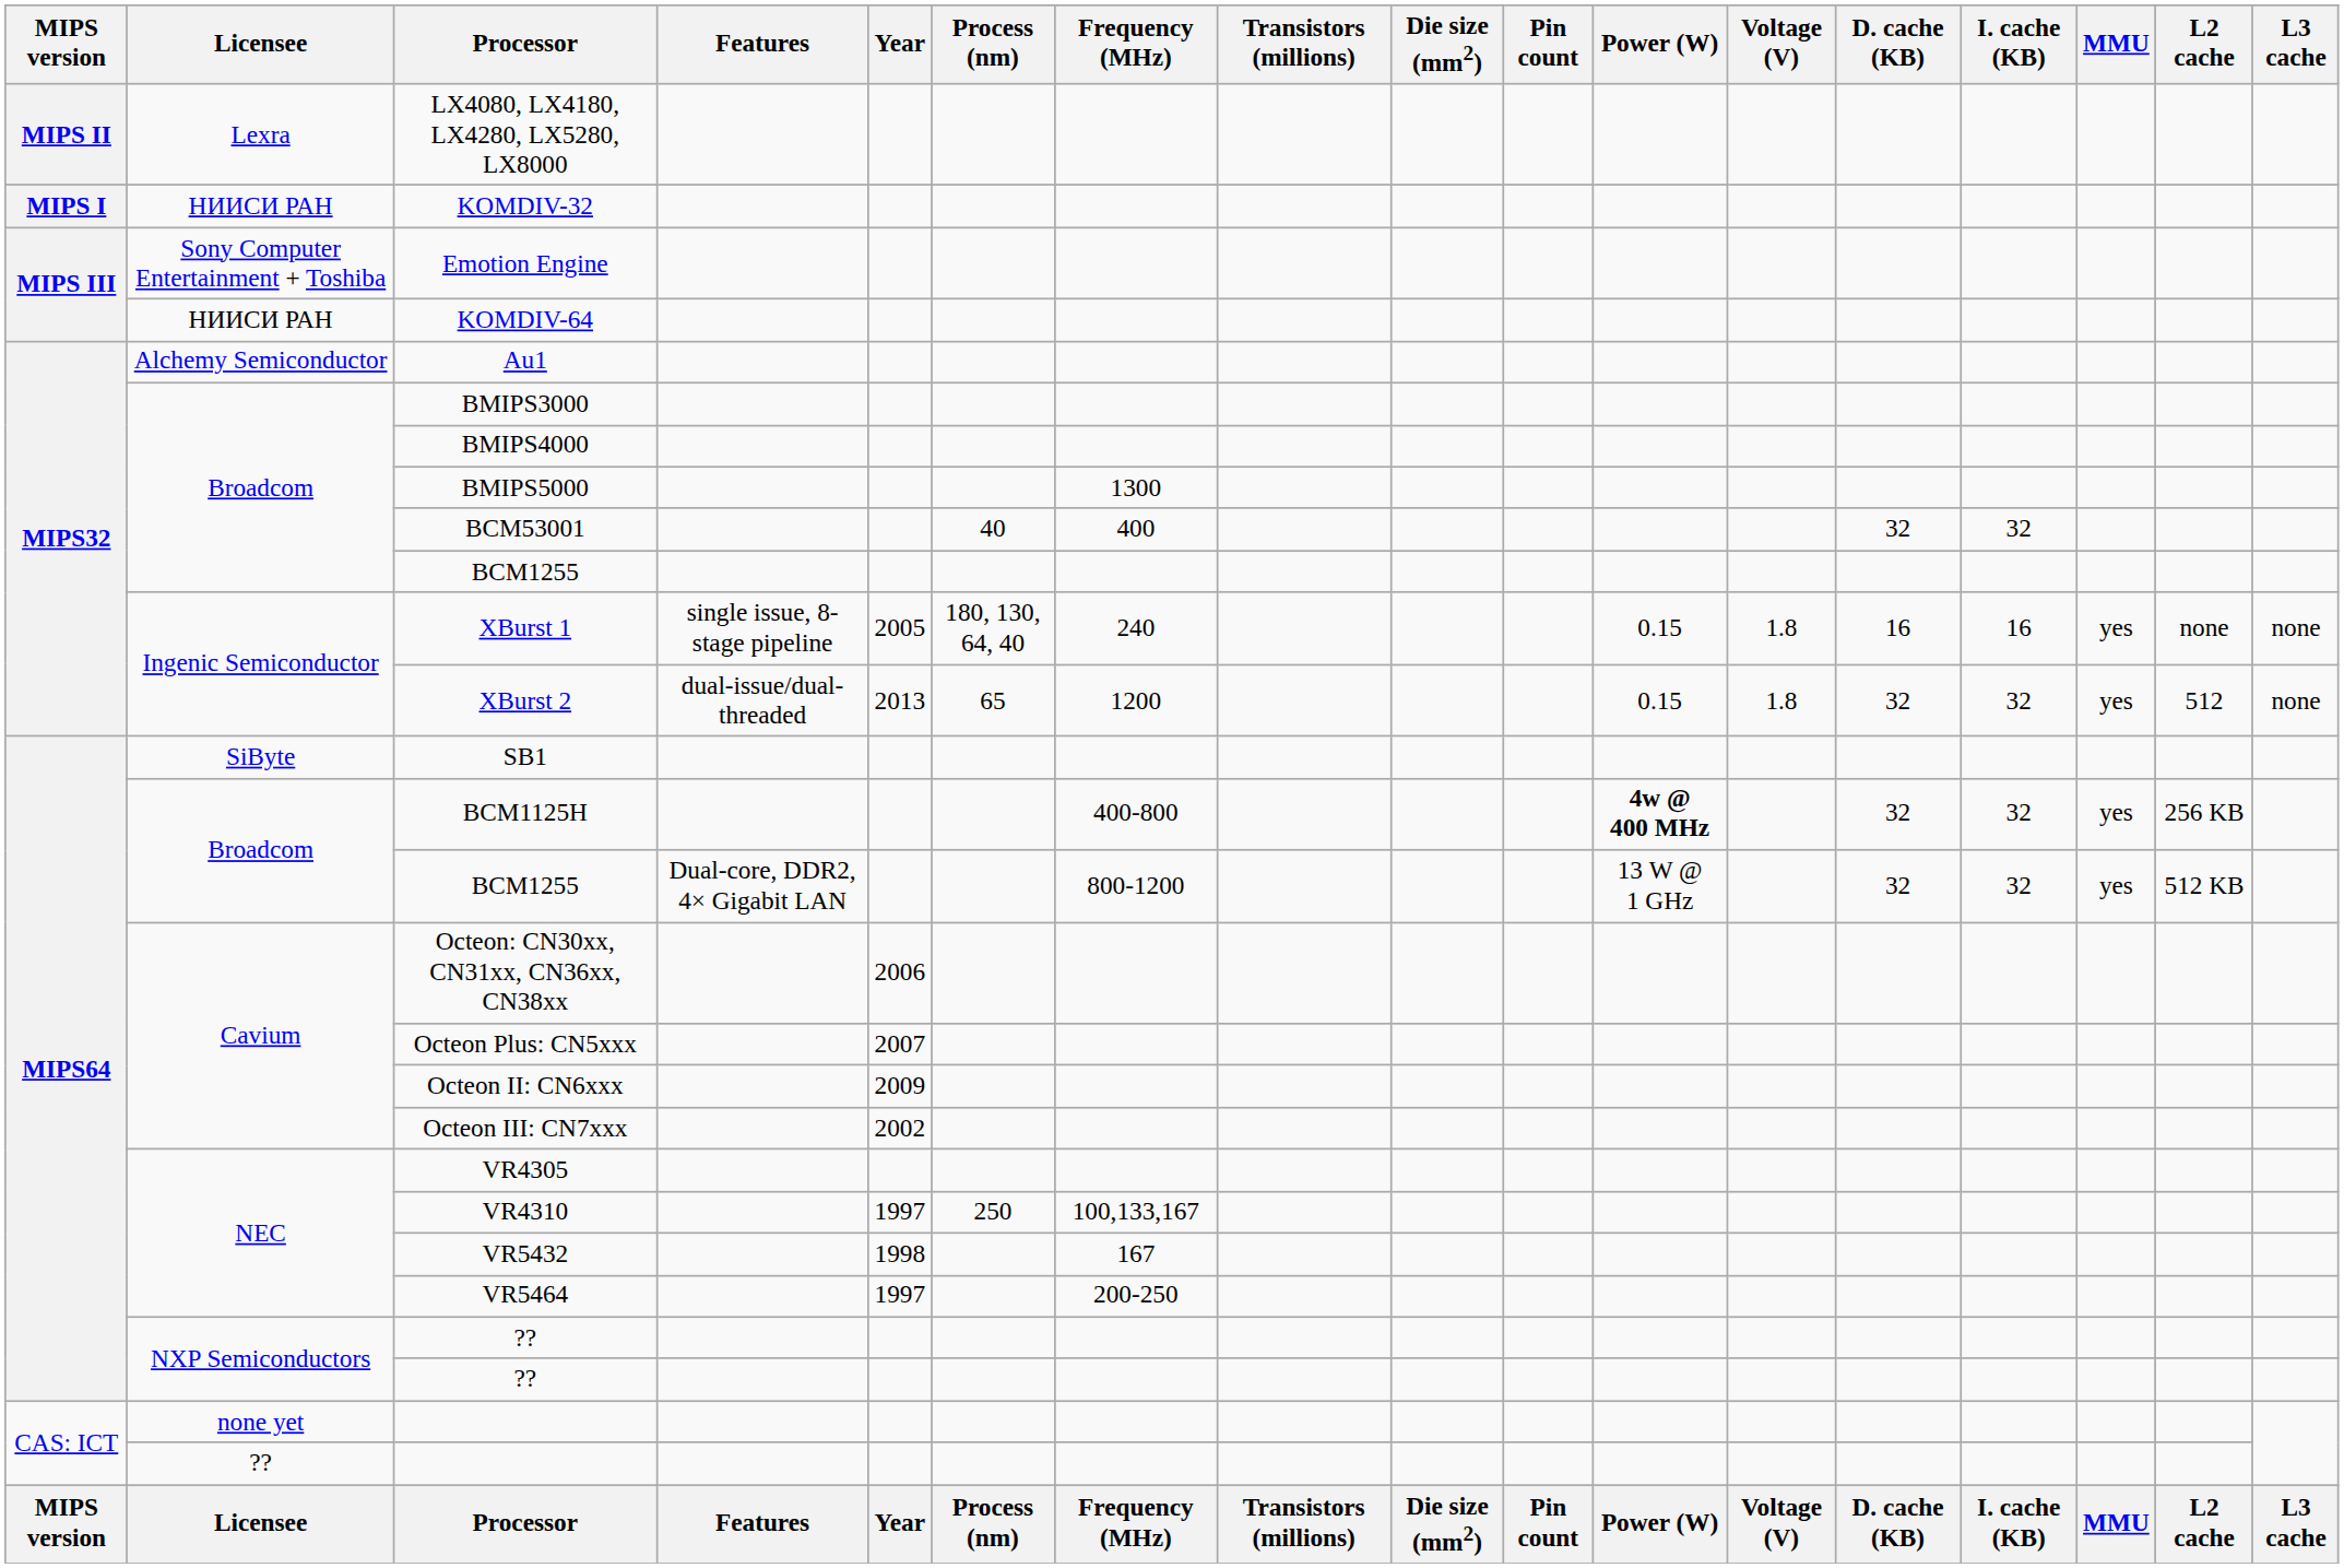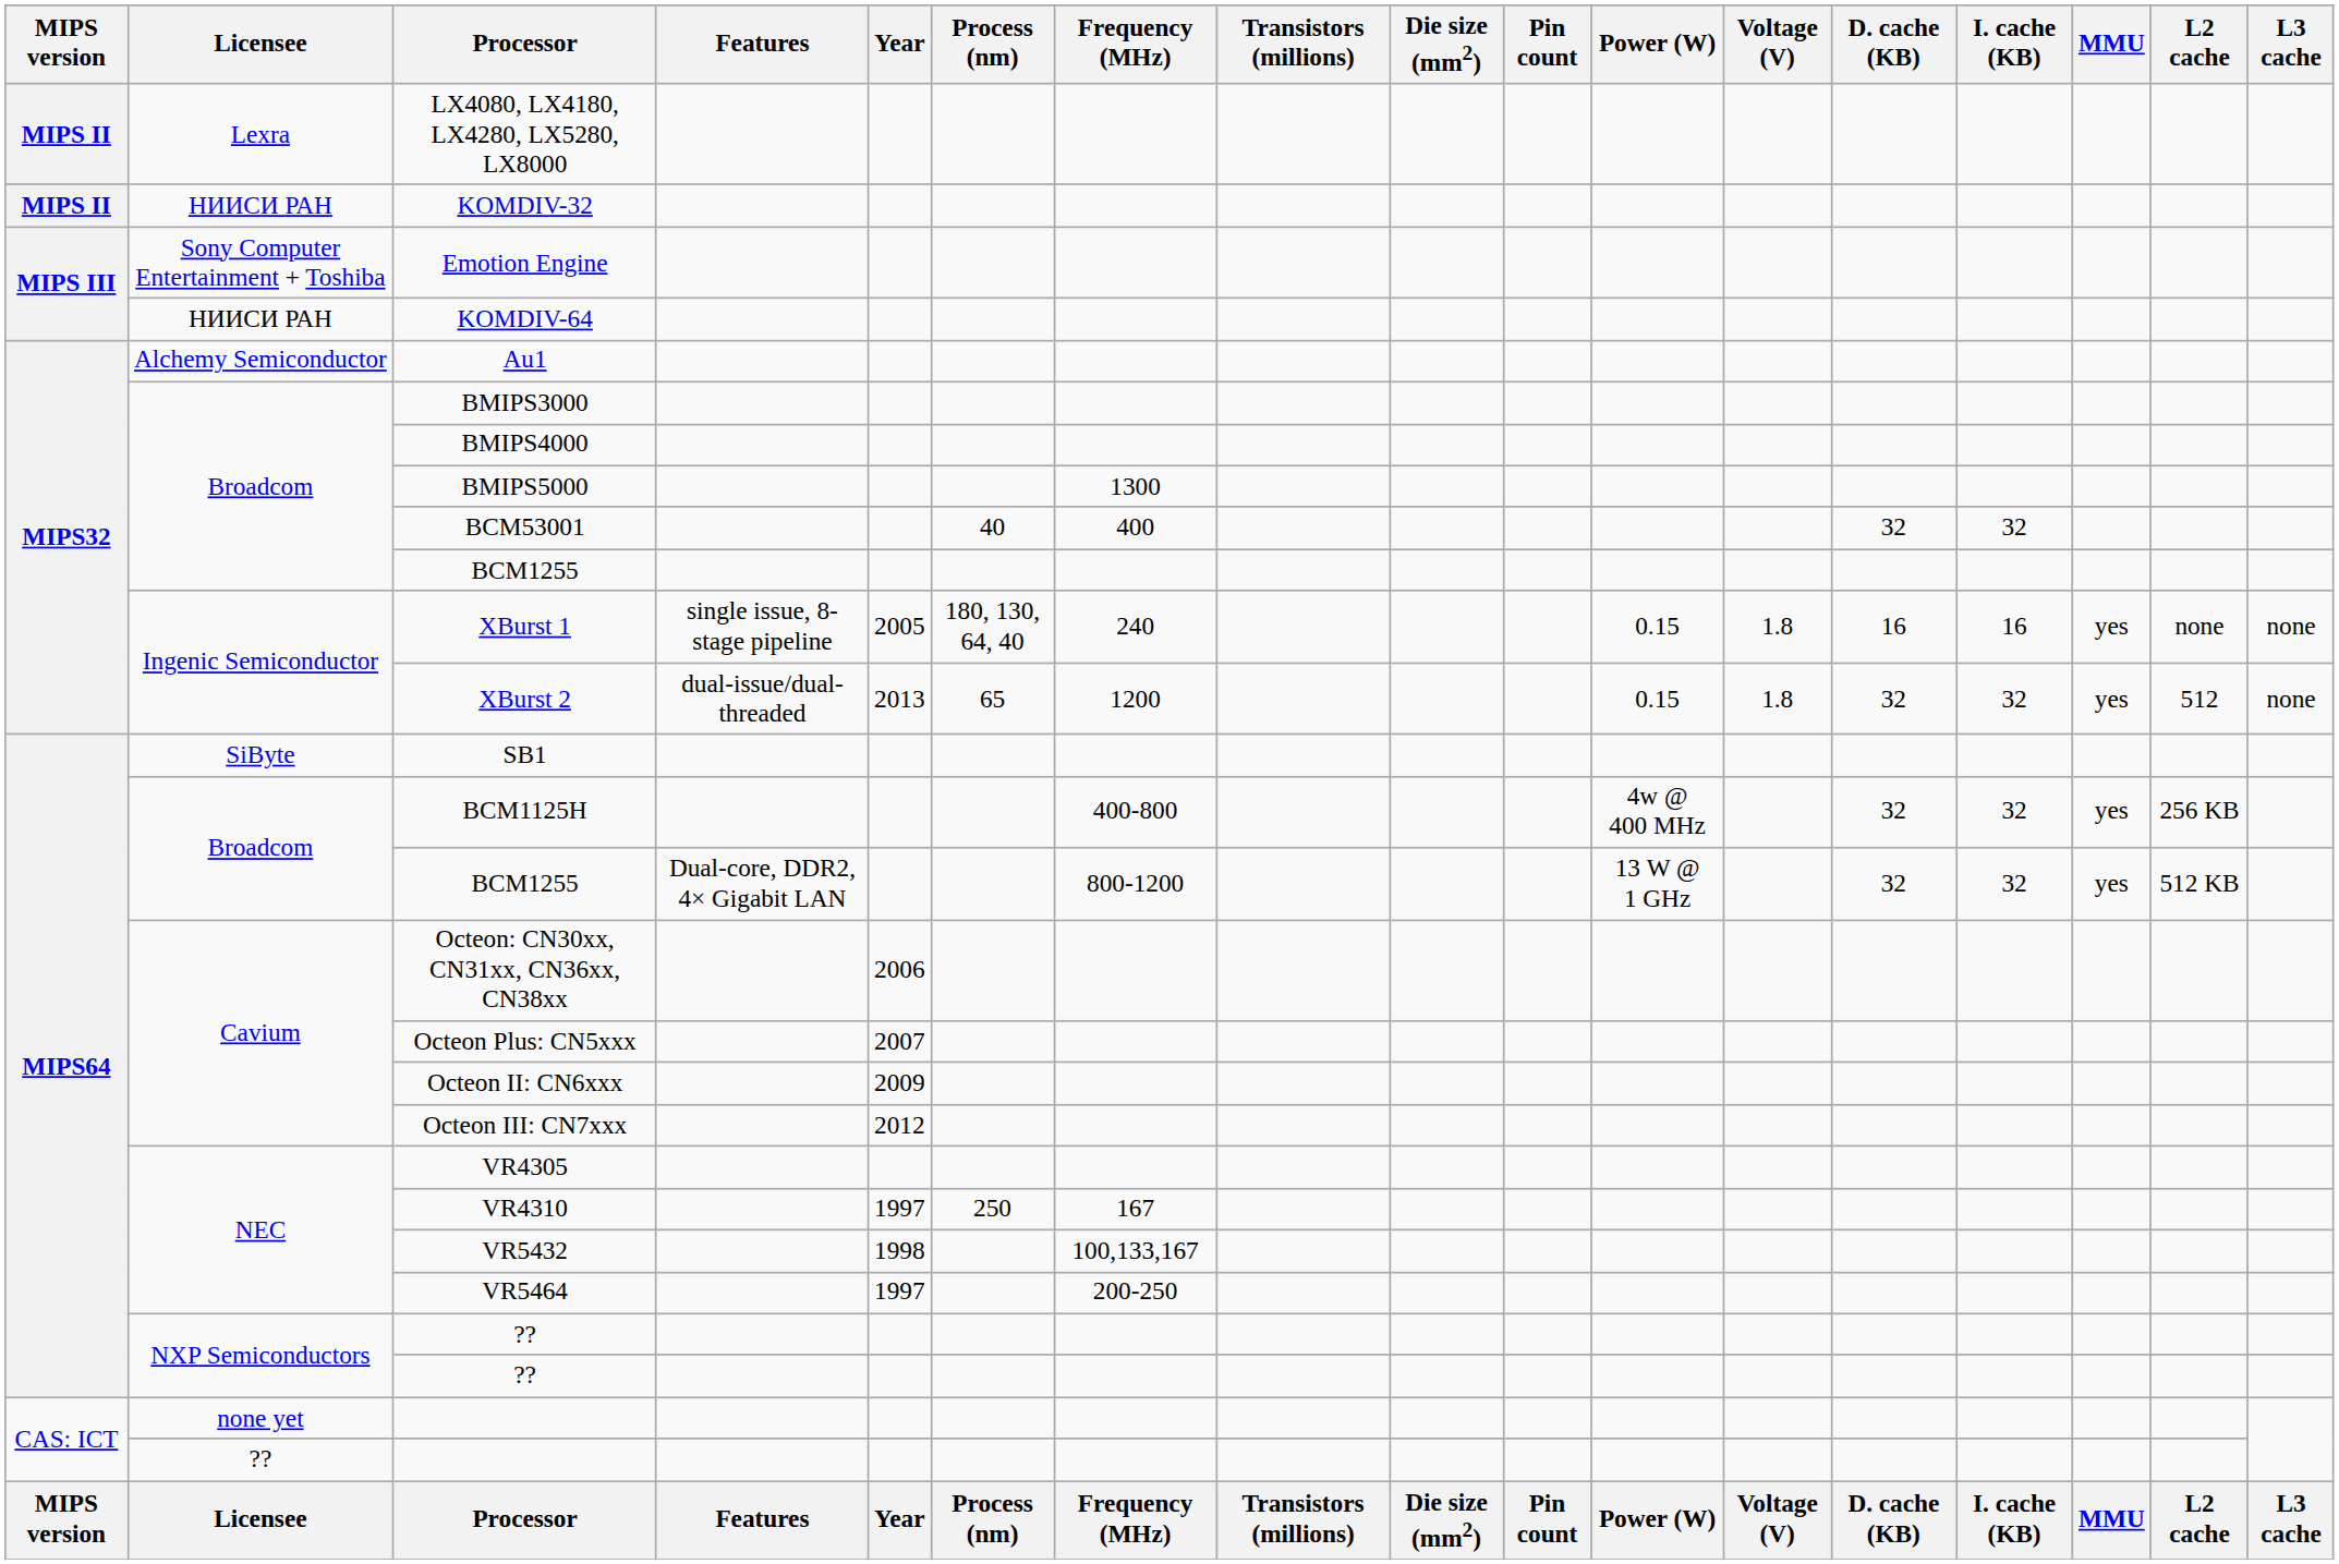 <table class="wikitable sortable mw-datatable" style="font-size: 85%; text-align: center">
 <tr>
 <th>MIPS version</th>
 <th>Licensee</th>
 <th>Processor</th>
 <th>Features</th>
 <th>Year</th>
 <th abbr="Process">Process (nm)</th>
 <th abbr="Frequency">Frequency (MHz)</th>
 <th abbr="Transistors">Transistors (millions)</th>
 <th abbr="Size">Die size (mm<sup>2</sup>)</th>
 <th>Pin count</th>
 <th abbr="Power">Power (W)</th>
 <th abbr="Voltage">Voltage (V)</th>
 <th abbr="Data cache">D. cache (KB)</th>
 <th abbr="Instruction cache">I. cache (KB)</th>
 <th><a href='#'>MMU</a></th>
 <th>L2 cache</th>
 <th>L3 cache</th>
 </tr>
 <tr>
 <th><a href='#'>MIPS II</a></th>
 <td><a href='#'>Lexra</a></td>
 <td>LX4080, LX4180, LX4280, LX5280, LX8000</td>
 <td></td>
 <td></td>
 <td></td>
 <td></td>
 <td></td>
 <td></td>
 <td></td>
 <td></td>
 <td></td>
 <td></td>
 <td></td>
 <td></td>
 <td></td>
 <td></td>
 </tr>
 <tr>
-<th><a href='#'>MIPS I</a></th>
+<th><a href='#'>MIPS II</a></th>
 <td><a href='#'>НИИСИ РАН</a></td>
 <td><a href='#'>KOMDIV-32</a></td>
 <td></td>
 <td></td>
 <td></td>
 <td></td>
 <td></td>
 <td></td>
 <td></td>
 <td></td>
 <td></td>
 <td></td>
 <td></td>
 <td></td>
 <td></td>
 <td></td>
 </tr>
 <tr>
 <th rowspan=2><a href='#'>MIPS III</a></th>
 <td rowspan=1><a href='#'>Sony Computer Entertainment</a> + <a href='#'>Toshiba</a></td>
 <td><a href='#'>Emotion Engine</a></td>
 <td></td>
 <td></td>
 <td></td>
 <td></td>
 <td></td>
 <td></td>
 <td></td>
 <td></td>
 <td></td>
 <td></td>
 <td></td>
 <td></td>
 <td></td>
 <td></td>
 </tr>
 <tr>
 <td>НИИСИ РАН</td>
 <td><a href='#'>KOMDIV-64</a></td>
 <td></td>
 <td></td>
 <td></td>
 <td></td>
 <td></td>
 <td></td>
 <td></td>
 <td></td>
 <td></td>
 <td></td>
 <td></td>
 <td></td>
 <td></td>
 <td></td>
 </tr>
 <tr>
 <th rowspan="8"><a href='#'>MIPS32</a></th>
 <td rowspan=1><a href='#'>Alchemy Semiconductor</a></td>
 <td><a href='#'>Au1</a></td>
 <td></td>
 <td></td>
 <td></td>
 <td></td>
 <td></td>
 <td></td>
 <td></td>
 <td></td>
 <td></td>
 <td></td>
 <td></td>
 <td></td>
 <td></td>
 <td></td>
 </tr>
 <tr>
 <td rowspan=5><a href='#'>Broadcom</a></td>
 <td>BMIPS3000</td>
 <td></td>
 <td></td>
 <td></td>
 <td></td>
 <td></td>
 <td></td>
 <td></td>
 <td></td>
 <td></td>
 <td></td>
 <td></td>
 <td></td>
 <td></td>
 <td></td>
 </tr>
 <tr>
 <td>BMIPS4000</td>
 <td></td>
 <td></td>
 <td></td>
 <td></td>
 <td></td>
 <td></td>
 <td></td>
 <td></td>
 <td></td>
 <td></td>
 <td></td>
 <td></td>
 <td></td>
 <td></td>
 </tr>
 <tr>
 <td>BMIPS5000</td>
 <td></td>
 <td></td>
 <td></td>
 <td>1300</td>
 <td></td>
 <td></td>
 <td></td>
 <td></td>
 <td></td>
 <td></td>
 <td></td>
 <td></td>
 <td></td>
 <td></td>
 </tr>
 <tr>
 <td>BCM53001</td>
 <td></td>
 <td></td>
 <td>40</td>
 <td>400</td>
 <td></td>
 <td></td>
 <td></td>
 <td></td>
 <td></td>
 <td>32</td>
 <td>32</td>
 <td></td>
 <td></td>
 <td></td>
 </tr>
 <tr>
 <td>BCM1255</td>
 <td></td>
 <td></td>
 <td></td>
 <td></td>
 <td></td>
 <td></td>
 <td></td>
 <td></td>
 <td></td>
 <td></td>
 <td></td>
 <td></td>
 <td></td>
 <td></td>
 </tr>
 <tr>
 <td rowspan="2"><a href='#'>Ingenic Semiconductor</a></td>
 <td><a href='#'>XBurst 1</a></td>
 <td>single issue, 8-stage pipeline</td>
 <td>2005</td>
 <td>180, 130, 64, 40</td>
 <td>240</td>
 <td></td>
 <td></td>
 <td></td>
 <td>0.15</td>
 <td>1.8</td>
 <td>16</td>
 <td>16</td>
 <td>yes</td>
 <td>none</td>
 <td>none</td>
 </tr>
 <tr>
 <td><a href='#'>XBurst 2</a></td>
 <td>dual-issue/dual-threaded</td>
 <td>2013</td>
 <td>65</td>
 <td>1200</td>
 <td></td>
 <td></td>
 <td></td>
 <td>0.15</td>
 <td>1.8</td>
 <td>32</td>
 <td>32</td>
 <td>yes</td>
 <td>512</td>
 <td>none</td>
 </tr>
 <tr>
 <th rowspan="13"><a href='#'>MIPS64</a></th>
 <td rowspan="1"><a href='#'>SiByte</a></td>
 <td>SB1</td>
 <td></td>
 <td></td>
 <td></td>
 <td></td>
 <td></td>
 <td></td>
 <td></td>
 <td></td>
 <td></td>
 <td></td>
 <td></td>
 <td></td>
 <td></td>
 <td></td>
 </tr>
 <tr>
 <td rowspan=2><a href='#'>Broadcom</a></td>
 <td>BCM1125H</td>
 <td></td>
 <td></td>
 <td></td>
 <td>400-800</td>
 <td></td>
 <td></td>
 <td></td>
-<td><strong>4w @ 400 MHz</strong></td>
+<td>4w @ 400 MHz</td>
 <td></td>
 <td>32</td>
 <td>32</td>
 <td>yes</td>
 <td>256 KB</td>
 <td></td>
 </tr>
 <tr>
 <td>BCM1255</td>
 <td>Dual-core, DDR2, 4× Gigabit LAN</td>
 <td></td>
 <td></td>
 <td>800-1200</td>
 <td></td>
 <td></td>
 <td></td>
 <td>13 W @ 1 GHz</td>
 <td></td>
 <td>32</td>
 <td>32</td>
 <td>yes</td>
 <td>512 KB</td>
 <td></td>
 </tr>
 <tr>
 <td rowspan=4><a href='#'>Cavium</a></td>
 <td>Octeon: CN30xx, CN31xx, CN36xx, CN38xx</td>
 <td></td>
 <td>2006</td>
 <td></td>
 <td></td>
 <td></td>
 <td></td>
 <td></td>
 <td></td>
 <td></td>
 <td></td>
 <td></td>
 <td></td>
 <td></td>
 <td></td>
 </tr>
 <tr>
 <td>Octeon Plus: CN5xxx</td>
 <td></td>
 <td>2007</td>
 <td></td>
 <td></td>
 <td></td>
 <td></td>
 <td></td>
 <td></td>
 <td></td>
 <td></td>
 <td></td>
 <td></td>
 <td></td>
 <td></td>
 </tr>
 <tr>
 <td>Octeon II: CN6xxx</td>
 <td></td>
 <td>2009</td>
 <td></td>
 <td></td>
 <td></td>
 <td></td>
 <td></td>
 <td></td>
 <td></td>
 <td></td>
 <td></td>
 <td></td>
 <td></td>
 <td></td>
 </tr>
 <tr>
 <td>Octeon III: CN7xxx</td>
 <td></td>
-<td>2002</td>
+<td>2012</td>
 <td></td>
 <td></td>
 <td></td>
 <td></td>
 <td></td>
 <td></td>
 <td></td>
 <td></td>
 <td></td>
 <td></td>
 <td></td>
 <td></td>
 </tr>
 <tr>
 <td rowspan=4><a href='#'>NEC</a></td>
 <td>VR4305</td>
 <td></td>
 <td></td>
 <td></td>
 <td></td>
 <td></td>
 <td></td>
 <td></td>
 <td></td>
 <td></td>
 <td></td>
 <td></td>
 <td></td>
 <td></td>
 <td></td>
 </tr>
 <tr>
 <td>VR4310</td>
 <td></td>
 <td>1997</td>
 <td>250</td>
-<td>100,133,167</td>
+<td>167</td>
 <td></td>
 <td></td>
 <td></td>
 <td></td>
 <td></td>
 <td></td>
 <td></td>
 <td></td>
 <td></td>
 <td></td>
 </tr>
 <tr>
 <td>VR5432</td>
 <td></td>
 <td>1998</td>
 <td></td>
-<td>167</td>
+<td>100,133,167</td>
 <td></td>
 <td></td>
 <td></td>
 <td></td>
 <td></td>
 <td></td>
 <td></td>
 <td></td>
 <td></td>
 <td></td>
 </tr>
 <tr>
 <td>VR5464</td>
 <td></td>
 <td>1997</td>
 <td></td>
 <td>200-250</td>
 <td></td>
 <td></td>
 <td></td>
 <td></td>
 <td></td>
 <td></td>
 <td></td>
 <td></td>
 <td></td>
 <td></td>
 </tr>
 <tr>
 <td rowspan=2><a href='#'>NXP Semiconductors</a></td>
 <td>??</td>
 <td></td>
 <td></td>
 <td></td>
 <td></td>
 <td></td>
 <td></td>
 <td></td>
 <td></td>
 <td></td>
 <td></td>
 <td></td>
 <td></td>
 <td></td>
 <td></td>
 </tr>
 <tr>
 <td>??</td>
 <td></td>
 <td></td>
 <td></td>
 <td></td>
 <td></td>
 <td></td>
 <td></td>
 <td></td>
 <td></td>
 <td></td>
 <td></td>
 <td></td>
 <td></td>
 <td></td>
 </tr>
 <tr>
 <td rowspan=2><a href='#'>CAS: ICT</a></td>
 <td><a href='#'>none yet</a></td>
 <td></td>
 <td></td>
 <td></td>
 <td></td>
 <td></td>
 <td></td>
 <td></td>
 <td></td>
 <td></td>
 <td></td>
 <td></td>
 <td></td>
 <td></td>
 <td></td>
 </tr>
 <tr>
 <td>??</td>
 <td></td>
 <td></td>
 <td></td>
 <td></td>
 <td></td>
 <td></td>
 <td></td>
 <td></td>
 <td></td>
 <td></td>
 <td></td>
 <td></td>
 <td></td>
 <td></td>
 </tr>
 <tr>
 <th>MIPS version</th>
 <th>Licensee</th>
 <th>Processor</th>
 <th>Features</th>
 <th>Year</th>
 <th abbr="Process">Process (nm)</th>
 <th abbr="Frequency">Frequency (MHz)</th>
 <th abbr="Transistors">Transistors (millions)</th>
 <th abbr="Size">Die size (mm<sup>2</sup>)</th>
 <th>Pin count</th>
 <th abbr="Power">Power (W)</th>
 <th abbr="Voltage">Voltage (V)</th>
 <th abbr="Data cache">D. cache (KB)</th>
 <th abbr="Instruction cache">I. cache (KB)</th>
 <th><a href='#'>MMU</a></th>
 <th>L2 cache</th>
 <th>L3 cache</th>
 </tr>
 </table>
